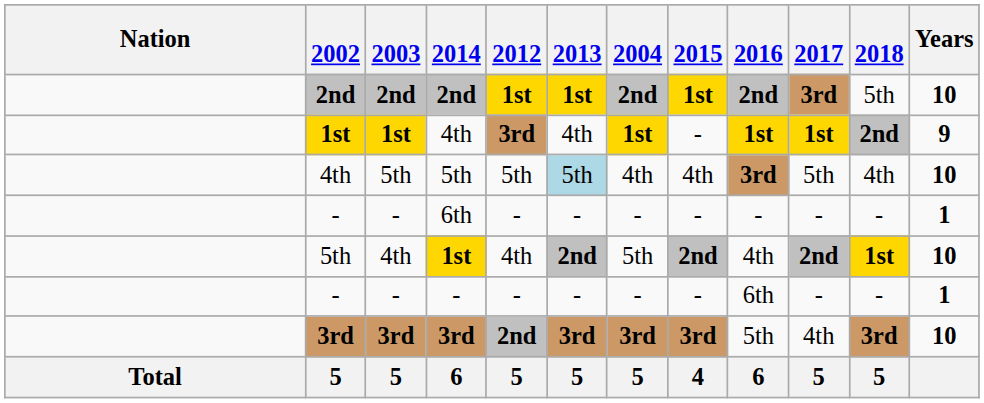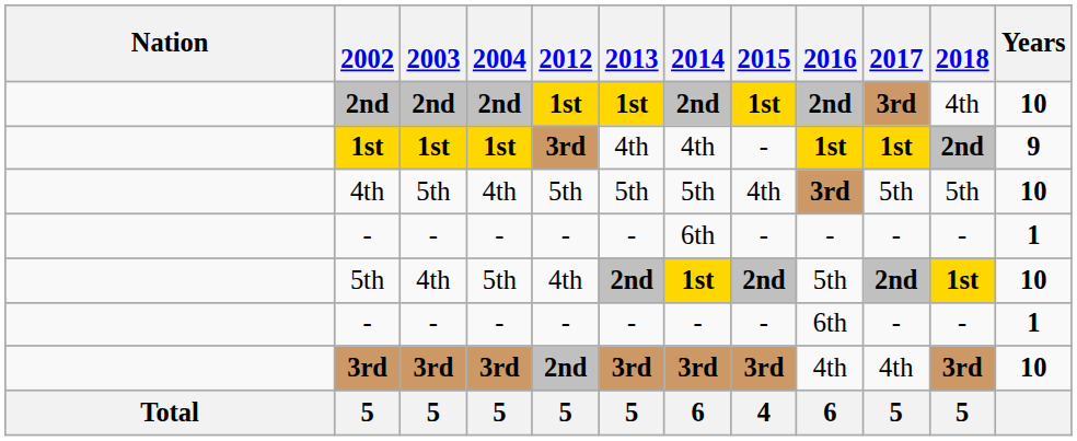 <table class="wikitable" style="text-align:center; font-size:90%">
 <tr>
 <th width=170>Nation</th>
 <th><br><a href='#'>2002</a></th>
 <th><br><a href='#'>2003</a></th>
-<th><br><a href='#'>2014</a></th>
+<th><br><a href='#'>2004</a></th>
 <th><br><a href='#'>2012</a></th>
 <th><br><a href='#'>2013</a></th>
-<th><br><a href='#'>2004</a></th>
+<th><br><a href='#'>2014</a></th>
 <th><br><a href='#'>2015</a></th>
 <th><br><a href='#'>2016</a></th>
 <th><br><a href='#'>2017</a></th>
 <th><br><a href='#'>2018</a></th>
 <th>Years</th>
 </tr>
 <tr>
 <td align=left></td>
 <td bgcolor=silver><strong>2nd</strong></td>
 <td bgcolor=silver><strong>2nd</strong></td>
 <td bgcolor=silver><strong>2nd</strong></td>
 <td bgcolor=gold><strong>1st</strong></td>
 <td bgcolor=gold><strong>1st</strong></td>
 <td bgcolor=silver><strong>2nd</strong></td>
 <td bgcolor=gold><strong>1st</strong></td>
 <td bgcolor=silver><strong>2nd</strong></td>
 <td bgcolor=#cc9966><strong>3rd</strong></td>
-<td>5th</td>
+<td>4th</td>
 <td><strong>10</strong></td>
 </tr>
 <tr>
 <td align=left></td>
 <td bgcolor=gold><strong>1st</strong></td>
 <td bgcolor=gold><strong>1st</strong></td>
-<td>4th</td>
+<td bgcolor=gold><strong>1st</strong></td>
 <td bgcolor=#cc9966><strong>3rd</strong></td>
 <td>4th</td>
-<td bgcolor=gold><strong>1st</strong></td>
+<td>4th</td>
 <td>-</td>
 <td bgcolor=gold><strong>1st</strong></td>
 <td bgcolor=gold><strong>1st</strong></td>
 <td bgcolor=silver><strong>2nd</strong></td>
 <td><strong>9</strong></td>
 </tr>
 <tr>
 <td align=left></td>
 <td>4th</td>
 <td>5th</td>
+<td>4th</td>
 <td>5th</td>
 <td>5th</td>
-<td style="background: lightblue;">5th</td>
-<td>4th</td>
+<td>5th</td>
 <td>4th</td>
 <td bgcolor=#cc9966><strong>3rd</strong></td>
 <td>5th</td>
-<td>4th</td>
+<td>5th</td>
 <td><strong>10</strong></td>
 </tr>
 <tr>
 <td align=left></td>
 <td>-</td>
 <td>-</td>
-<td>6th</td>
 <td>-</td>
 <td>-</td>
 <td>-</td>
+<td>6th</td>
 <td>-</td>
 <td>-</td>
 <td>-</td>
 <td>-</td>
 <td><strong>1</strong></td>
 </tr>
 <tr>
 <td align=left></td>
 <td>5th</td>
 <td>4th</td>
-<td bgcolor=gold><strong>1st</strong></td>
+<td>5th</td>
 <td>4th</td>
 <td bgcolor=silver><strong>2nd</strong></td>
+<td bgcolor=gold><strong>1st</strong></td>
+<td bgcolor=silver><strong>2nd</strong></td>
 <td>5th</td>
-<td bgcolor=silver><strong>2nd</strong></td>
-<td>4th</td>
 <td bgcolor=silver><strong>2nd</strong></td>
 <td bgcolor=gold><strong>1st</strong></td>
 <td><strong>10</strong></td>
 </tr>
 <tr>
 <td align=left></td>
 <td>-</td>
 <td>-</td>
 <td>-</td>
 <td>-</td>
 <td>-</td>
 <td>-</td>
 <td>-</td>
 <td>6th</td>
 <td>-</td>
 <td>-</td>
 <td><strong>1</strong></td>
 </tr>
 <tr>
 <td align=left></td>
 <td bgcolor=#cc9966><strong>3rd</strong></td>
 <td bgcolor=#cc9966><strong>3rd</strong></td>
 <td bgcolor=#cc9966><strong>3rd</strong></td>
 <td bgcolor=silver><strong>2nd</strong></td>
 <td bgcolor=#cc9966><strong>3rd</strong></td>
 <td bgcolor=#cc9966><strong>3rd</strong></td>
 <td bgcolor=#cc9966><strong>3rd</strong></td>
-<td>5th</td>
+<td>4th</td>
 <td>4th</td>
 <td bgcolor=#cc9966><strong>3rd</strong></td>
 <td><strong>10</strong></td>
 </tr>
 <tr>
 <th>Total</th>
 <th>5</th>
 <th>5</th>
-<th>6</th>
 <th>5</th>
 <th>5</th>
 <th>5</th>
+<th>6</th>
 <th>4</th>
 <th>6</th>
 <th>5</th>
 <th>5</th>
 <th></th>
 </tr>
 </table>
